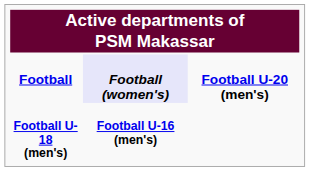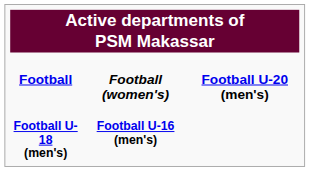 <table class="infobox" style="font-size: 88%; width: 22em; text-align: center">
 <tr>
 <th colspan=3 style="font-size: 125%; background-color:#603; color:white; text-align:center;">Active departments of<br>PSM Makassar</th>
 </tr>
 <tr style="text-align: center">
 <td><br><strong><a href='#'>Football</a></strong></td>
-<td style="background: lavender;"><br><strong><em>Football (women's)</em></strong></td>
+<td><br><strong><em>Football (women's)</em></strong></td>
 <td><br><strong><a href='#'>Football U-20</a> (men's)</strong></td>
 </tr>
 <tr style="font-size: 90%; text-align: center">
 <td><br><strong><a href='#'>Football U-18</a><br> (men's)</strong></td>
 <td><br><strong><a href='#'>Football U-16</a><br> (men's)</strong></td>
 </tr>
 </table>
